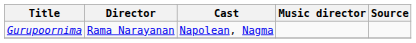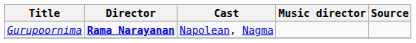 <table class="wikitable">
 <tr>
 <th>Title</th>
 <th>Director</th>
 <th>Cast</th>
 <th>Music director</th>
 <th>Source</th>
 </tr>
 <tr>
 <td><em><a href='#'>Gurupoornima</a></em></td>
-<td><a href='#'>Rama Narayanan</a></td>
+<td><strong><a href='#'>Rama Narayanan</a></strong></td>
 <td><a href='#'>Napolean</a>, <a href='#'>Nagma</a></td>
 <td></td>
 <td></td>
 </tr>
 <tr>
 </tr>
 </table>
